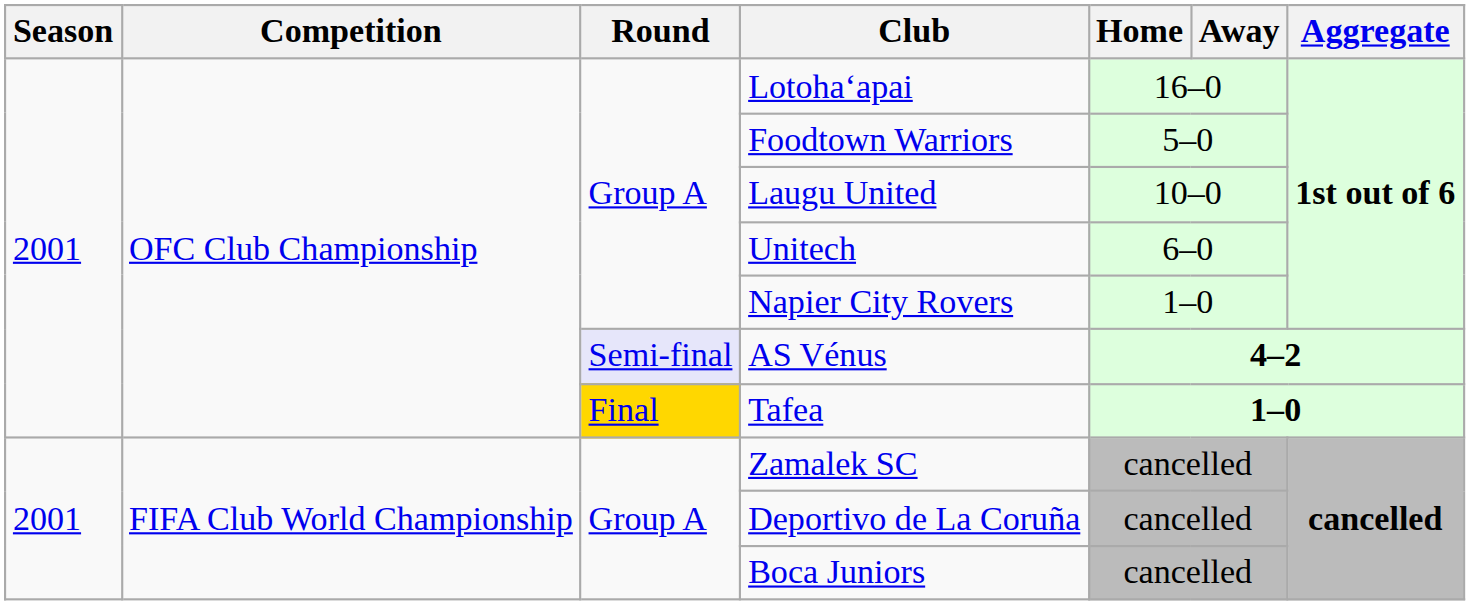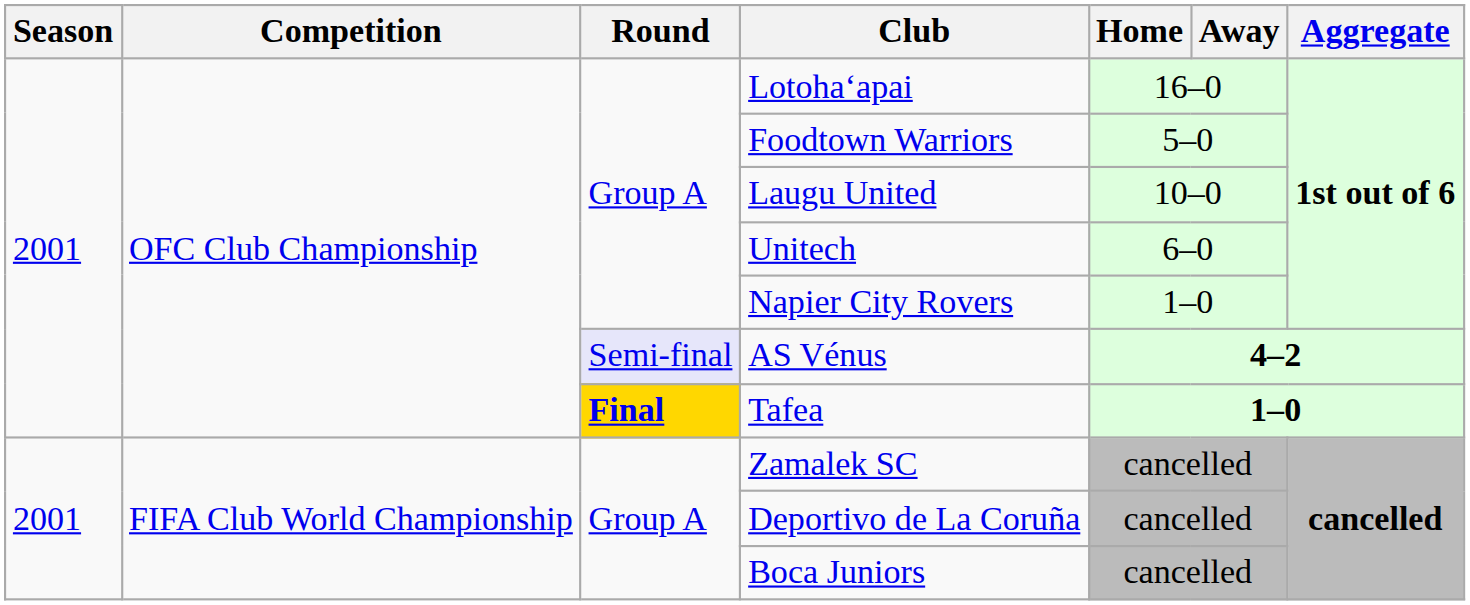 <table class="wikitable">
 <tr>
 <th>Season</th>
 <th>Competition</th>
 <th>Round</th>
 <th>Club</th>
 <th>Home</th>
 <th>Away</th>
 <th><a href='#'>Aggregate</a></th>
 </tr>
 <tr>
 <td rowspan="7"><a href='#'>2001</a></td>
 <td rowspan="7"><a href='#'>OFC Club Championship</a></td>
 <td rowspan="5"><a href='#'>Group A</a></td>
 <td> <a href='#'>Lotohaʻapai</a></td>
 <td colspan="2;" style="text-align:center; background:#dfd;">16–0</td>
 <td rowspan="5" style="text-align:center; background:#dfd;"><strong>1st out of 6</strong></td>
 </tr>
 <tr>
 <td> <a href='#'>Foodtown Warriors</a></td>
 <td colspan="2;" style="text-align:center; background:#dfd;">5–0</td>
 </tr>
 <tr>
 <td> <a href='#'>Laugu United</a></td>
 <td colspan="2;" style="text-align:center; background:#dfd;">10–0</td>
 </tr>
 <tr>
 <td> <a href='#'>Unitech</a></td>
 <td colspan="2;" style="text-align:center; background:#dfd;">6–0</td>
 </tr>
 <tr>
 <td> <a href='#'>Napier City Rovers</a></td>
 <td colspan="2;" style="text-align:center; background:#dfd;">1–0</td>
 </tr>
 <tr>
 <td style="background: lavender;"><a href='#'>Semi-final</a></td>
 <td> <a href='#'>AS Vénus</a></td>
 <td colspan="3;" style="text-align:center; background:#dfd;"><strong>4–2</strong></td>
 </tr>
 <tr>
-<td bgcolor="gold"><a href='#'>Final</a></td>
+<td bgcolor="gold"><strong><a href='#'>Final</a></strong></td>
 <td> <a href='#'>Tafea</a></td>
 <td colspan="3;" style="text-align:center; background:#dfd;"><strong>1–0</strong></td>
 </tr>
 <tr>
 <td rowspan="3"><a href='#'>2001</a></td>
 <td rowspan="3"><a href='#'>FIFA Club World Championship</a></td>
 <td rowspan="3"><a href='#'>Group A</a></td>
 <td> <a href='#'>Zamalek SC</a></td>
 <td colspan="2;" style="text-align:center; background:#bbb;">cancelled</td>
 <td rowspan="3" style="text-align:center; background:#bbb;"><strong>cancelled</strong></td>
 </tr>
 <tr>
 <td> <a href='#'>Deportivo de La Coruña</a></td>
 <td colspan="2;" style="text-align:center; background:#bbb;">cancelled</td>
 </tr>
 <tr>
 <td> <a href='#'>Boca Juniors</a></td>
 <td colspan="2;" style="text-align:center; background:#bbb;">cancelled</td>
 </tr>
 </table>
